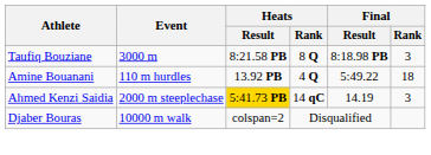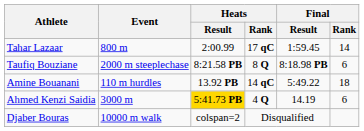 <table class="wikitable" style="font-size:90%">
 <tr>
 <th rowspan=2>Athlete</th>
 <th rowspan=2>Event</th>
 <th colspan=2>Heats</th>
 <th colspan=2>Final</th>
 </tr>
 <tr style="font-size:95%">
 <th>Result</th>
 <th>Rank</th>
 <th>Result</th>
 <th>Rank</th>
 </tr>
 <tr align=center>
+<td align=left><a href='#'>Tahar Lazaar</a></td>
+<td align=left><a href='#'>800 m</a></td>
+<td>2:00.99</td>
+<td>17 <strong>qC</strong></td>
+<td>1:59.45</td>
+<td>14</td>
+</tr>
+<tr align=center>
 <td align=left><a href='#'>Taufiq Bouziane</a></td>
-<td align=left><a href='#'>3000 m</a></td>
+<td align=left><a href='#'>2000 m steeplechase</a></td>
 <td>8:21.58 <strong>PB</strong></td>
 <td>8 <strong>Q</strong></td>
 <td>8:18.98 <strong>PB</strong></td>
-<td>3</td>
+<td>6</td>
 </tr>
 <tr align=center>
 <td align=left><a href='#'>Amine Bouanani</a></td>
 <td align=left><a href='#'>110 m hurdles</a></td>
 <td>13.92 <strong>PB</strong></td>
-<td>4 <strong>Q</strong></td>
+<td>14 <strong>qC</strong></td>
 <td>5:49.22</td>
 <td>18</td>
 </tr>
 <tr align=center>
 <td align=left><a href='#'>Ahmed Kenzi Saidia</a></td>
-<td align=left><a href='#'>2000 m steeplechase</a></td>
+<td align=left><a href='#'>3000 m</a></td>
 <td style="background: gold;">5:41.73 <strong>PB</strong></td>
-<td>14 <strong>qC</strong></td>
+<td>4 <strong>Q</strong></td>
 <td>14.19</td>
-<td>3</td>
+<td>6</td>
 </tr>
 <tr align=center>
 <td align=left><a href='#'>Djaber Bouras</a></td>
 <td align=left><a href='#'>10000 m walk</a></td>
 <td>colspan=2 </td>
 <td colspan=2>Disqualified</td>
 </tr>
 </table>
